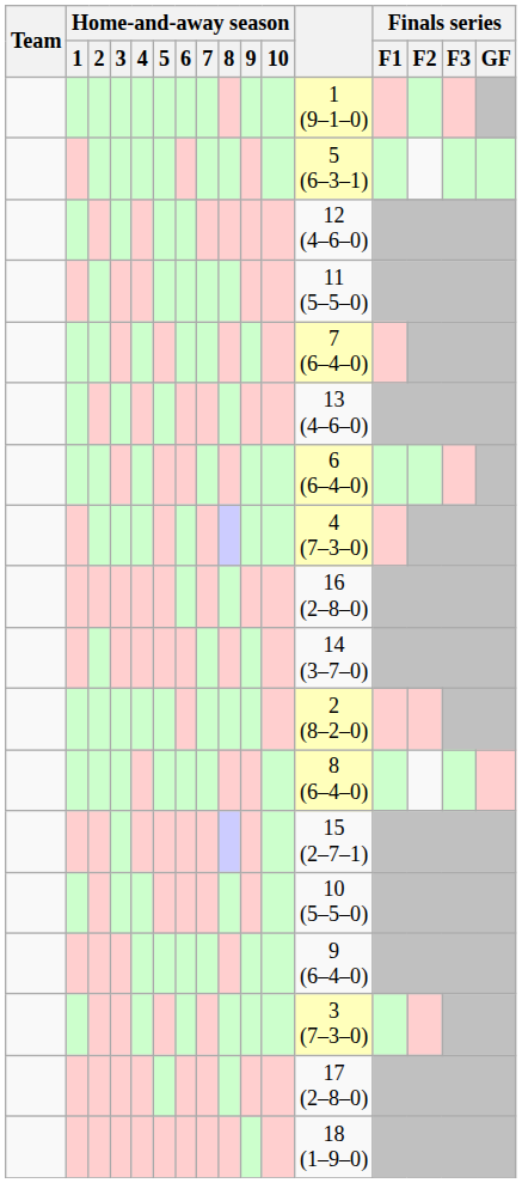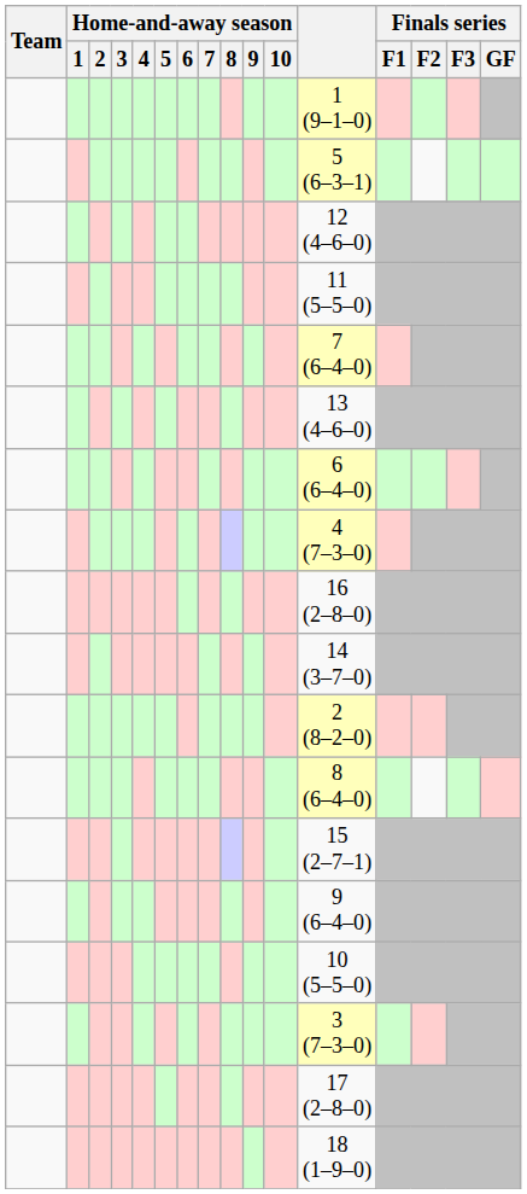 <table class="wikitable sortable" style="font-size:85%; text-align:center">
 <tr>
 <th rowspan=2>Team</th>
 <th colspan=10>Home-and-away season</th>
 <th rowspan=2></th>
 <th colspan=4>Finals series</th>
 </tr>
 <tr>
 <th>1</th>
 <th>2</th>
 <th>3</th>
 <th>4</th>
 <th>5</th>
 <th>6</th>
 <th>7</th>
 <th>8</th>
 <th>9</th>
 <th>10</th>
 <th>F1</th>
 <th>F2</th>
 <th>F3</th>
 <th>GF</th>
 </tr>
 <tr>
 <td align=left></td>
 <td bgcolor=CCFFCC><strong></strong></td>
 <td bgcolor=CCFFCC></td>
 <td bgcolor=CCFFCC><strong></strong></td>
 <td bgcolor=CCFFCC></td>
 <td bgcolor=CCFFCC><strong></strong></td>
 <td bgcolor=CCFFCC></td>
 <td bgcolor=CCFFCC><strong></strong></td>
 <td bgcolor=FFCFCF></td>
 <td bgcolor=CCFFCC><strong></strong></td>
 <td bgcolor=CCFFCC></td>
 <td bgcolor=FFFFBB>1<br>(9–1–0)</td>
 <td bgcolor=FFCFCF><strong></strong></td>
 <td bgcolor=CCFFCC><strong></strong></td>
 <td bgcolor=FFCFCF></td>
 <td bgcolor=C0C0C0></td>
 </tr>
 <tr>
 <td align=left></td>
 <td bgcolor=FFCFCF><strong></strong></td>
 <td bgcolor=CCFFCC></td>
 <td bgcolor=CCFFCC><strong></strong></td>
 <td bgcolor=CCFFCC></td>
 <td bgcolor=CCFFCC></td>
 <td bgcolor=FFCFCF><strong></strong></td>
 <td bgcolor=CCFFCC></td>
 <td bgcolor=CCFFCC><strong></strong></td>
 <td bgcolor=FFCFCF></td>
 <td bgcolor=CCFFCC><strong></strong></td>
 <td bgcolor=FFFFBB>5<br>(6–3–1)</td>
 <td bgcolor=CCFFCC></td>
 <td></td>
 <td bgcolor=CCFFCC><strong></strong></td>
 <td bgcolor=CCFFCC></td>
 </tr>
 <tr>
 <td align=left></td>
 <td bgcolor=CCFFCC><strong></strong></td>
 <td bgcolor=FFCFCF></td>
 <td bgcolor=CCFFCC></td>
 <td bgcolor=FFCFCF><strong></strong></td>
 <td bgcolor=CCFFCC><strong></strong></td>
 <td bgcolor=CCFFCC></td>
 <td bgcolor=FFCFCF><strong></strong></td>
 <td bgcolor=FFCFCF></td>
 <td bgcolor=FFCFCF></td>
 <td bgcolor=FFCFCF><strong></strong></td>
 <td>12<br>(4–6–0)</td>
 <td colspan=4 bgcolor=C0C0C0></td>
 </tr>
 <tr>
 <td align=left></td>
 <td bgcolor=FFCFCF></td>
 <td bgcolor=CCFFCC><strong></strong></td>
 <td bgcolor=FFCFCF><strong></strong></td>
 <td bgcolor=FFCFCF></td>
 <td bgcolor=CCFFCC><strong></strong></td>
 <td bgcolor=CCFFCC></td>
 <td bgcolor=CCFFCC></td>
 <td bgcolor=CCFFCC><strong></strong></td>
 <td bgcolor=FFCFCF></td>
 <td bgcolor=FFCFCF><strong></strong></td>
 <td>11<br>(5–5–0)</td>
 <td colspan=4 bgcolor=C0C0C0></td>
 </tr>
 <tr>
 <td align=left></td>
 <td bgcolor=CCFFCC></td>
 <td bgcolor=CCFFCC><strong></strong></td>
 <td bgcolor=FFCFCF></td>
 <td bgcolor=CCFFCC><strong></strong></td>
 <td bgcolor=FFCFCF></td>
 <td bgcolor=CCFFCC><strong></strong></td>
 <td bgcolor=CCFFCC></td>
 <td bgcolor=FFCFCF><strong></strong></td>
 <td bgcolor=CCFFCC><strong></strong></td>
 <td bgcolor=FFCFCF></td>
 <td bgcolor=FFFFBB>7<br>(6–4–0)</td>
 <td bgcolor=FFCFCF></td>
 <td colspan=3 bgcolor=C0C0C0></td>
 </tr>
 <tr>
 <td align=left></td>
 <td bgcolor=CCFFCC><strong></strong></td>
 <td bgcolor=FFCFCF></td>
 <td bgcolor=CCFFCC><strong></strong></td>
 <td bgcolor=FFCFCF></td>
 <td bgcolor=CCFFCC></td>
 <td bgcolor=FFCFCF><strong></strong></td>
 <td bgcolor=FFCFCF></td>
 <td bgcolor=CCFFCC><strong></strong></td>
 <td bgcolor=FFCFCF></td>
 <td bgcolor=FFCFCF><strong></strong></td>
 <td>13<br>(4–6–0)</td>
 <td colspan=4 bgcolor=C0C0C0></td>
 </tr>
 <tr>
 <td align=left></td>
 <td bgcolor=CCFFCC><strong></strong></td>
 <td bgcolor=CCFFCC></td>
 <td bgcolor=FFCFCF><strong></strong></td>
 <td bgcolor=CCFFCC></td>
 <td bgcolor=FFCFCF><strong></strong></td>
 <td bgcolor=FFCFCF></td>
 <td bgcolor=CCFFCC><strong></strong></td>
 <td bgcolor=FFCFCF></td>
 <td bgcolor=CCFFCC></td>
 <td bgcolor=CCFFCC><strong></strong></td>
 <td bgcolor=FFFFBB>6<br>(6–4–0)</td>
 <td bgcolor=CCFFCC><strong></strong></td>
 <td bgcolor=CCFFCC></td>
 <td bgcolor=FFCFCF></td>
 <td bgcolor=C0C0C0></td>
 </tr>
 <tr>
 <td align=left></td>
 <td bgcolor=FFCFCF></td>
 <td bgcolor=CCFFCC><strong></strong></td>
 <td bgcolor=CCFFCC></td>
 <td bgcolor=CCFFCC><strong></strong></td>
 <td bgcolor=FFCFCF></td>
 <td bgcolor=CCFFCC></td>
 <td bgcolor=FFCFCF><strong></strong></td>
 <td bgcolor=CCCCFF></td>
 <td bgcolor=CCFFCC><strong></strong></td>
 <td bgcolor=CCFFCC><strong></strong></td>
 <td bgcolor=FFFFBB>4<br>(7–3–0)</td>
 <td bgcolor=FFCFCF><strong></strong></td>
 <td colspan=3 bgcolor=C0C0C0></td>
 </tr>
 <tr>
 <td align=left></td>
 <td bgcolor=FFCFCF></td>
 <td bgcolor=FFCFCF><strong></strong></td>
 <td bgcolor=FFCFCF><strong></strong></td>
 <td bgcolor=FFCFCF><strong></strong></td>
 <td bgcolor=FFCFCF></td>
 <td bgcolor=CCFFCC><strong></strong></td>
 <td bgcolor=FFCFCF></td>
 <td bgcolor=CCFFCC><strong></strong></td>
 <td bgcolor=FFCFCF></td>
 <td bgcolor=FFCFCF></td>
 <td>16<br>(2–8–0)</td>
 <td colspan=4 bgcolor=C0C0C0></td>
 </tr>
 <tr>
 <td align=left></td>
 <td bgcolor=FFCFCF><strong></strong></td>
 <td bgcolor=CCFFCC></td>
 <td bgcolor=FFCFCF></td>
 <td bgcolor=FFCFCF><strong></strong></td>
 <td bgcolor=FFCFCF><strong></strong></td>
 <td bgcolor=FFCFCF></td>
 <td bgcolor=CCFFCC></td>
 <td bgcolor=FFCFCF><strong></strong></td>
 <td bgcolor=CCFFCC><strong></strong></td>
 <td bgcolor=FFCFCF></td>
 <td>14<br>(3–7–0)</td>
 <td colspan=4 bgcolor=C0C0C0></td>
 </tr>
 <tr>
 <td align=left></td>
 <td bgcolor=CCFFCC><strong></strong></td>
 <td bgcolor=CCFFCC></td>
 <td bgcolor=CCFFCC><strong></strong></td>
 <td bgcolor=CCFFCC></td>
 <td bgcolor=CCFFCC></td>
 <td bgcolor=FFCFCF><strong></strong></td>
 <td bgcolor=CCFFCC></td>
 <td bgcolor=CCFFCC><strong></strong></td>
 <td bgcolor=CCFFCC><strong></strong></td>
 <td bgcolor=FFCFCF></td>
 <td bgcolor=FFFFBB>2<br>(8–2–0)</td>
 <td bgcolor=FFCFCF><strong></strong></td>
 <td bgcolor=FFCFCF><strong></strong></td>
 <td colspan=2 bgcolor=C0C0C0></td>
 </tr>
 <tr>
 <td align=left></td>
 <td bgcolor=CCFFCC><strong></strong></td>
 <td bgcolor=CCFFCC><strong></strong></td>
 <td bgcolor=CCFFCC></td>
 <td bgcolor=FFCFCF><strong></strong></td>
 <td bgcolor=CCFFCC><strong></strong></td>
 <td bgcolor=CCFFCC></td>
 <td bgcolor=CCFFCC><strong></strong></td>
 <td bgcolor=FFCFCF></td>
 <td bgcolor=FFCFCF></td>
 <td bgcolor=CCFFCC></td>
 <td bgcolor=FFFFBB>8<br>(6–4–0)</td>
 <td bgcolor=CCFFCC></td>
 <td></td>
 <td bgcolor=CCFFCC><strong></strong></td>
 <td bgcolor=FFCFCF><strong></strong></td>
 </tr>
 <tr>
 <td align=left></td>
 <td bgcolor=FFCFCF></td>
 <td bgcolor=FFCFCF><strong></strong></td>
 <td bgcolor=CCFFCC></td>
 <td bgcolor=FFCFCF><strong></strong></td>
 <td bgcolor=FFCFCF></td>
 <td bgcolor=FFCFCF><strong></strong></td>
 <td bgcolor=FFCFCF></td>
 <td bgcolor=CCCCFF><strong></strong></td>
 <td bgcolor=FFCFCF></td>
 <td bgcolor=CCFFCC><strong></strong></td>
 <td>15<br>(2–7–1)</td>
 <td colspan=4 bgcolor=C0C0C0></td>
 </tr>
 <tr>
 <td align=left></td>
 <td bgcolor=CCFFCC></td>
 <td bgcolor=FFCFCF><strong></strong></td>
 <td bgcolor=CCFFCC></td>
 <td bgcolor=CCFFCC></td>
 <td bgcolor=FFCFCF><strong></strong></td>
 <td bgcolor=FFCFCF><strong></strong></td>
 <td bgcolor=FFCFCF><strong></strong></td>
 <td bgcolor=CCFFCC></td>
 <td bgcolor=FFCFCF><strong></strong></td>
 <td bgcolor=CCFFCC></td>
-<td>10<br>(5–5–0)</td>
+<td>9<br>(6–4–0)</td>
 <td colspan=4 bgcolor=C0C0C0></td>
 </tr>
 <tr>
 <td align=left></td>
 <td bgcolor=FFCFCF></td>
 <td bgcolor=FFCFCF></td>
 <td bgcolor=FFCFCF><strong></strong></td>
 <td bgcolor=CCFFCC><strong></strong></td>
 <td bgcolor=CCFFCC></td>
 <td bgcolor=CCFFCC><strong></strong></td>
 <td bgcolor=CCFFCC><strong></strong></td>
 <td bgcolor=FFCFCF></td>
 <td bgcolor=CCFFCC><strong></strong></td>
 <td bgcolor=CCFFCC></td>
-<td>9<br>(6–4–0)</td>
+<td>10<br>(5–5–0)</td>
 <td colspan=4 bgcolor=C0C0C0></td>
 </tr>
 <tr>
 <td align=left></td>
 <td bgcolor=CCFFCC><strong></strong></td>
 <td bgcolor=FFCFCF><strong></strong></td>
 <td bgcolor=FFCFCF></td>
 <td bgcolor=CCFFCC><strong></strong></td>
 <td bgcolor=FFCFCF></td>
 <td bgcolor=CCFFCC></td>
 <td bgcolor=FFCFCF><strong></strong></td>
 <td bgcolor=CCFFCC></td>
 <td bgcolor=CCFFCC><strong></strong></td>
 <td bgcolor=CCFFCC></td>
 <td bgcolor=FFFFBB>3<br>(7–3–0)</td>
 <td bgcolor=CCFFCC></td>
 <td bgcolor=FFCFCF></td>
 <td colspan=2 bgcolor=C0C0C0></td>
 </tr>
 <tr>
 <td align=left></td>
 <td bgcolor=FFCFCF></td>
 <td bgcolor=FFCFCF></td>
 <td bgcolor=FFCFCF><strong></strong></td>
 <td bgcolor=FFCFCF></td>
 <td bgcolor=CCFFCC><strong></strong></td>
 <td bgcolor=FFCFCF></td>
 <td bgcolor=FFCFCF><strong></strong></td>
 <td bgcolor=CCFFCC></td>
 <td bgcolor=FFCFCF><strong></strong></td>
 <td bgcolor=FFCFCF><strong></strong></td>
 <td>17<br>(2–8–0)</td>
 <td colspan=4 bgcolor=C0C0C0></td>
 </tr>
 <tr>
 <td align=left></td>
 <td bgcolor=FFCFCF></td>
 <td bgcolor=FFCFCF><strong></strong></td>
 <td bgcolor=FFCFCF></td>
 <td bgcolor=FFCFCF></td>
 <td bgcolor=FFCFCF><strong></strong></td>
 <td bgcolor=FFCFCF><strong></strong></td>
 <td bgcolor=FFCFCF></td>
 <td bgcolor=FFCFCF><strong></strong></td>
 <td bgcolor=CCFFCC></td>
 <td bgcolor=FFCFCF><strong></strong></td>
 <td>18<br>(1–9–0)</td>
 <td colspan=4 bgcolor=C0C0C0></td>
 </tr>
 </table>
